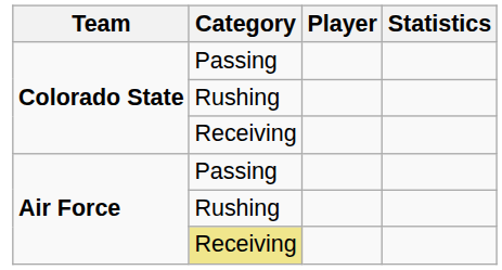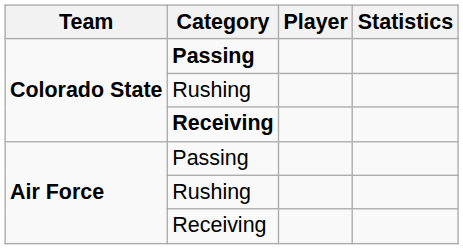 <table class="wikitable" style="float: right;">
 <tr>
 <th>Team</th>
 <th>Category</th>
 <th>Player</th>
 <th>Statistics</th>
 </tr>
 <tr>
 <td rowspan=3><strong>Colorado State</strong></td>
-<td>Passing</td>
+<td><strong>Passing</strong></td>
 <td></td>
 <td></td>
 </tr>
 <tr>
 <td>Rushing</td>
 <td></td>
 <td></td>
 </tr>
 <tr>
-<td>Receiving</td>
+<td><strong>Receiving</strong></td>
 <td></td>
 <td></td>
 </tr>
 <tr>
 <td rowspan=3><strong>Air Force</strong></td>
 <td>Passing</td>
 <td></td>
 <td></td>
 </tr>
 <tr>
 <td>Rushing</td>
 <td></td>
 <td></td>
 </tr>
 <tr>
-<td style="background: khaki;">Receiving</td>
+<td>Receiving</td>
 <td></td>
 <td></td>
 </tr>
 </table>
